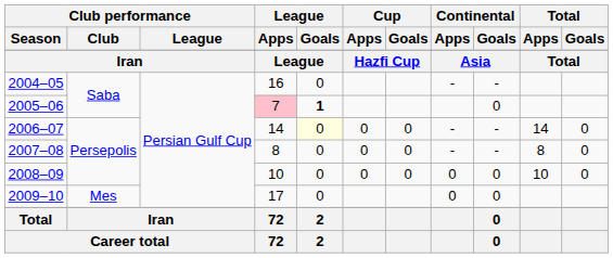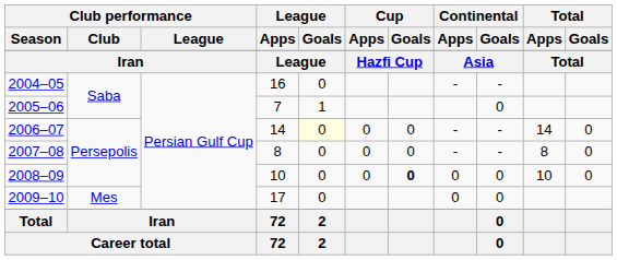 <table class="wikitable" style="text-align:center">
 <tr>
 <th colspan=3>Club performance</th>
 <th colspan=2>League</th>
 <th colspan=2>Cup</th>
 <th colspan=2>Continental</th>
 <th colspan=2>Total</th>
 </tr>
 <tr>
 <th>Season</th>
 <th>Club</th>
 <th>League</th>
 <th>Apps</th>
 <th>Goals</th>
 <th>Apps</th>
 <th>Goals</th>
 <th>Apps</th>
 <th>Goals</th>
 <th>Apps</th>
 <th>Goals</th>
 </tr>
 <tr>
 </tr>
 <tr>
 <th colspan=3>Iran</th>
 <th colspan=2>League</th>
 <th colspan=2><a href='#'>Hazfi Cup</a></th>
 <th colspan=2><a href='#'>Asia</a></th>
 <th colspan=2>Total</th>
 </tr>
 <tr>
 <td><a href='#'>2004–05</a></td>
 <td rowspan="2"><a href='#'>Saba</a></td>
 <td rowspan="6"><a href='#'>Persian Gulf Cup</a></td>
 <td>16</td>
 <td>0</td>
 <td></td>
 <td></td>
 <td>-</td>
 <td>-</td>
 <td></td>
 <td></td>
 </tr>
 <tr>
 <td><a href='#'>2005–06</a></td>
-<td style="background: pink;">7</td>
-<td><strong>1</strong></td>
+<td>7</td>
+<td>1</td>
 <td></td>
 <td></td>
 <td></td>
 <td>0</td>
 <td></td>
 <td></td>
 </tr>
 <tr>
 <td><a href='#'>2006–07</a></td>
 <td rowspan="3"><a href='#'>Persepolis</a></td>
 <td>14</td>
 <td style="background: lightyellow;">0</td>
 <td>0</td>
 <td>0</td>
 <td>-</td>
 <td>-</td>
 <td>14</td>
 <td>0</td>
 </tr>
 <tr>
 <td><a href='#'>2007–08</a></td>
 <td>8</td>
 <td>0</td>
 <td>0</td>
 <td>0</td>
 <td>-</td>
 <td>-</td>
 <td>8</td>
 <td>0</td>
 </tr>
 <tr>
 <td><a href='#'>2008–09</a></td>
 <td>10</td>
 <td>0</td>
 <td>0</td>
-<td>0</td>
+<td><strong>0</strong></td>
 <td>0</td>
 <td>0</td>
 <td>10</td>
 <td>0</td>
 </tr>
 <tr>
 <td><a href='#'>2009–10</a></td>
 <td rowspan="1"><a href='#'>Mes</a></td>
 <td>17</td>
 <td>0</td>
 <td></td>
 <td></td>
 <td>0</td>
 <td>0</td>
 <td></td>
 <td></td>
 </tr>
 <tr>
 </tr>
 <tr>
 <th rowspan=1>Total</th>
 <th colspan=2>Iran</th>
 <th>72</th>
 <th>2</th>
 <th></th>
 <th></th>
 <th></th>
 <th>0</th>
 <th></th>
 <th></th>
 </tr>
 <tr>
 <th colspan=3>Career total</th>
 <th>72</th>
 <th>2</th>
 <th></th>
 <th></th>
 <th></th>
 <th>0</th>
 <th></th>
 <th></th>
 </tr>
 </table>
